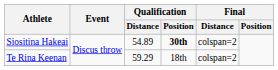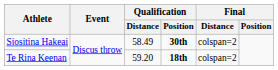 <table class=wikitable style="font-size:90%">
 <tr>
 <th rowspan="2">Athlete</th>
 <th rowspan="2">Event</th>
 <th colspan="2">Qualification</th>
 <th colspan="2">Final</th>
 </tr>
 <tr style="font-size:95%">
 <th>Distance</th>
 <th>Position</th>
 <th>Distance</th>
 <th>Position</th>
 </tr>
 <tr style=text-align:center>
 <td style=text-align:left><a href='#'>Siositina Hakeai</a></td>
 <td style=text-align:left rowspan=2><a href='#'>Discus throw</a></td>
-<td>54.89</td>
+<td>58.49</td>
 <td><strong>30th</strong></td>
 <td>colspan=2 </td>
 </tr>
 <tr style=text-align:center>
 <td style=text-align:left><a href='#'>Te Rina Keenan</a></td>
-<td>59.29</td>
-<td>18th</td>
+<td>59.20</td>
+<td><strong>18th</strong></td>
 <td>colspan=2 </td>
 </tr>
 </table>
